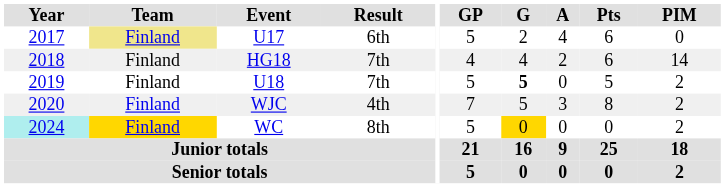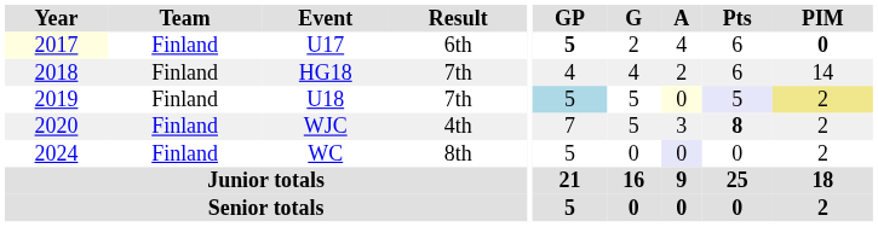 <table border="0" cellpadding="1" cellspacing="0" ID="Table3" style="text-align:center; width:40em;">
 <tr bgcolor="#e0e0e0">
 <th>Year</th>
 <th>Team</th>
 <th>Event</th>
 <th>Result</th>
 <th rowspan="99" bgcolor="#ffffff"></th>
 <th>GP</th>
 <th>G</th>
 <th>A</th>
 <th>Pts</th>
 <th>PIM</th>
 </tr>
 <tr>
-<td><a href='#'>2017</a></td>
-<td style="background: khaki;"><a href='#'>Finland</a></td>
+<td style="background: lightyellow;"><a href='#'>2017</a></td>
+<td><a href='#'>Finland</a></td>
 <td><a href='#'>U17</a></td>
 <td>6th</td>
-<td>5</td>
+<td><strong>5</strong></td>
 <td>2</td>
 <td>4</td>
 <td>6</td>
-<td>0</td>
+<td><strong>0</strong></td>
 </tr>
 <tr bgcolor="#f0f0f0">
 <td><a href='#'>2018</a></td>
 <td>Finland</td>
 <td><a href='#'>HG18</a></td>
 <td>7th</td>
 <td>4</td>
 <td>4</td>
 <td>2</td>
 <td>6</td>
 <td>14</td>
 </tr>
 <tr>
 <td><a href='#'>2019</a></td>
 <td>Finland</td>
 <td><a href='#'>U18</a></td>
 <td>7th</td>
+<td style="background: lightblue;">5</td>
 <td>5</td>
-<td><strong>5</strong></td>
-<td>0</td>
-<td>5</td>
-<td>2</td>
+<td style="background: lightyellow;">0</td>
+<td style="background: lavender;">5</td>
+<td style="background: khaki;">2</td>
 </tr>
 <tr bgcolor="#f0f0f0">
 <td><a href='#'>2020</a></td>
 <td><a href='#'>Finland</a></td>
 <td><a href='#'>WJC</a></td>
 <td>4th</td>
 <td>7</td>
 <td>5</td>
 <td>3</td>
-<td>8</td>
+<td><strong>8</strong></td>
 <td>2</td>
 </tr>
 <tr>
-<td style="background: paleturquoise;"><a href='#'>2024</a></td>
-<td style="background: gold;"><a href='#'>Finland</a></td>
+<td><a href='#'>2024</a></td>
+<td><a href='#'>Finland</a></td>
 <td><a href='#'>WC</a></td>
 <td>8th</td>
 <td>5</td>
-<td style="background: gold;">0</td>
 <td>0</td>
+<td style="background: lavender;">0</td>
 <td>0</td>
 <td>2</td>
 </tr>
 <tr bgcolor="#e0e0e0">
 <th colspan="4">Junior totals</th>
 <th>21</th>
 <th>16</th>
 <th>9</th>
 <th>25</th>
 <th>18</th>
 </tr>
 <tr bgcolor="#e0e0e0">
 <th colspan="4">Senior totals</th>
 <th>5</th>
 <th>0</th>
 <th>0</th>
 <th>0</th>
 <th>2</th>
 </tr>
 </table>
